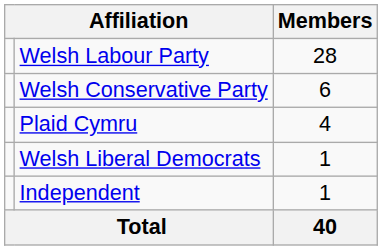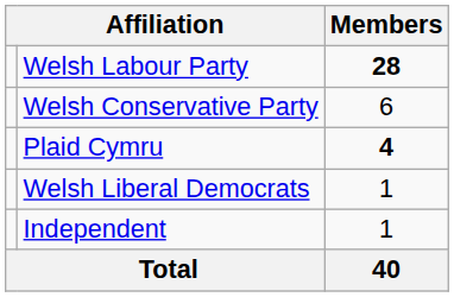 <table class="wikitable">
 <tr>
 <th colspan="2"  style="text-align:center; vertical-align:top;">Affiliation</th>
 <th valign="top">Members</th>
 </tr>
 <tr>
 <td style="color:inherit;background:"></td>
 <td><a href='#'>Welsh Labour Party</a></td>
-<td style="text-align:center;">28</td>
+<td style="text-align:center;"><strong>28</strong></td>
 </tr>
 <tr>
 <td style="color:inherit;background:"></td>
 <td><a href='#'>Welsh Conservative Party</a></td>
 <td style="text-align:center;">6</td>
 </tr>
 <tr>
 <td style="color:inherit;background:"></td>
 <td><a href='#'>Plaid Cymru</a></td>
-<td style="text-align:center;">4</td>
+<td style="text-align:center;"><strong>4</strong></td>
 </tr>
 <tr>
 <td style="color:inherit;background:"></td>
 <td><a href='#'>Welsh Liberal Democrats</a></td>
 <td style="text-align:center;">1</td>
 </tr>
 <tr>
 <td style="color:inherit;background:"></td>
 <td><a href='#'>Independent</a></td>
 <td style="text-align:center;">1</td>
 </tr>
 <tr>
 <th colspan="2"> Total</th>
 <th style="text-align:center;">40</th>
 </tr>
 </table>
